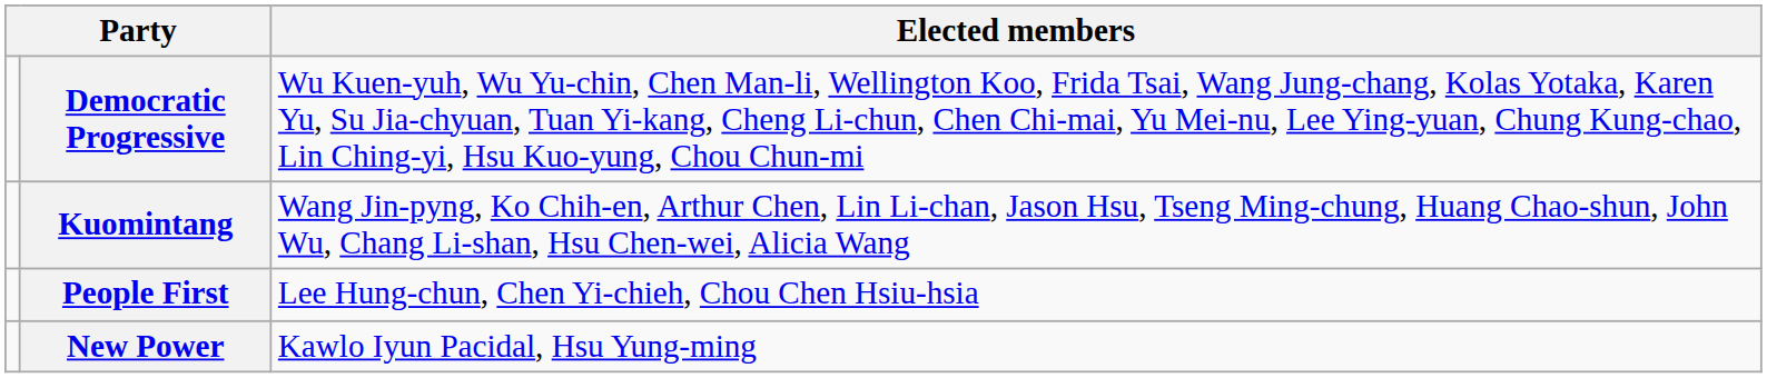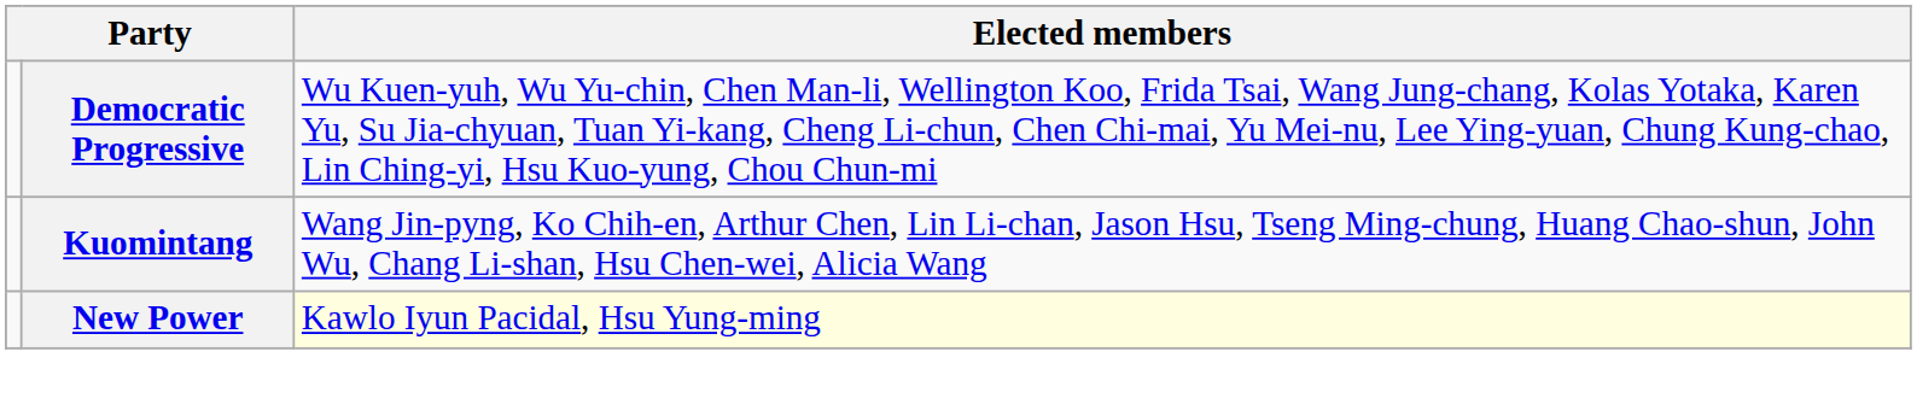 <table class="wikitable">
 <tr>
 <th colspan=2>Party</th>
 <th>Elected members</th>
 </tr>
 <tr>
 <td></td>
 <th><a href='#'>Democratic Progressive</a></th>
 <td><a href='#'>Wu Kuen-yuh</a>, <a href='#'>Wu Yu-chin</a>, <a href='#'>Chen Man-li</a>, <a href='#'>Wellington Koo</a>, <a href='#'>Frida Tsai</a>, <a href='#'>Wang Jung-chang</a>, <a href='#'>Kolas Yotaka</a>, <a href='#'>Karen Yu</a>, <a href='#'>Su Jia-chyuan</a>, <a href='#'>Tuan Yi-kang</a>, <a href='#'>Cheng Li-chun</a>, <a href='#'>Chen Chi-mai</a>, <a href='#'>Yu Mei-nu</a>, <a href='#'>Lee Ying-yuan</a>, <a href='#'>Chung Kung-chao</a>, <a href='#'>Lin Ching-yi</a>, <a href='#'>Hsu Kuo-yung</a>, <a href='#'>Chou Chun-mi</a></td>
 </tr>
 <tr>
 <td></td>
 <th><a href='#'>Kuomintang</a></th>
 <td><a href='#'>Wang Jin-pyng</a>, <a href='#'>Ko Chih-en</a>, <a href='#'>Arthur Chen</a>, <a href='#'>Lin Li-chan</a>, <a href='#'>Jason Hsu</a>, <a href='#'>Tseng Ming-chung</a>, <a href='#'>Huang Chao-shun</a>, <a href='#'>John Wu</a>, <a href='#'>Chang Li-shan</a>, <a href='#'>Hsu Chen-wei</a>, <a href='#'>Alicia Wang</a></td>
 </tr>
 <tr>
 <td></td>
-<th><a href='#'>People First</a></th>
-<td><a href='#'>Lee Hung-chun</a>, <a href='#'>Chen Yi-chieh</a>, <a href='#'>Chou Chen Hsiu-hsia</a></td>
-</tr>
-<tr>
-<td></td>
 <th><a href='#'>New Power</a></th>
-<td><a href='#'>Kawlo Iyun Pacidal</a>, <a href='#'>Hsu Yung-ming</a></td>
+<td style="background: lightyellow;"><a href='#'>Kawlo Iyun Pacidal</a>, <a href='#'>Hsu Yung-ming</a></td>
 </tr>
 </table>
